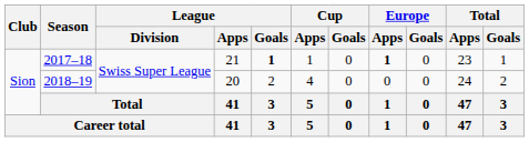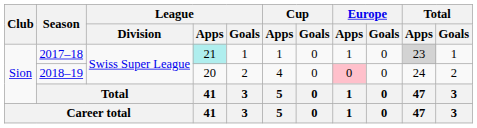 <table class="wikitable" style="text-align:center">
 <tr>
 <th rowspan="2">Club</th>
 <th rowspan="2">Season</th>
 <th colspan="3">League</th>
 <th colspan="2">Cup</th>
 <th colspan="2"><a href='#'>Europe</a></th>
 <th colspan="2">Total</th>
 </tr>
 <tr>
 <th>Division</th>
 <th>Apps</th>
 <th>Goals</th>
 <th>Apps</th>
 <th>Goals</th>
 <th>Apps</th>
 <th>Goals</th>
 <th>Apps</th>
 <th>Goals</th>
 </tr>
 <tr>
 <td rowspan="3"><a href='#'>Sion</a></td>
 <td><a href='#'>2017–18</a></td>
 <td rowspan="2"><a href='#'>Swiss Super League</a></td>
-<td>21</td>
-<td><strong>1</strong></td>
+<td style="background: paleturquoise;">21</td>
+<td>1</td>
 <td>1</td>
 <td>0</td>
-<td><strong>1</strong></td>
+<td>1</td>
 <td>0</td>
-<td>23</td>
+<td style="background: lightgrey;">23</td>
 <td>1</td>
 </tr>
 <tr>
 <td><a href='#'>2018–19</a></td>
 <td>20</td>
 <td>2</td>
 <td>4</td>
 <td>0</td>
-<td>0</td>
+<td style="background: pink;">0</td>
 <td>0</td>
 <td>24</td>
 <td>2</td>
 </tr>
 <tr>
 <th colspan="2">Total</th>
 <th>41</th>
 <th>3</th>
 <th>5</th>
 <th>0</th>
 <th>1</th>
 <th>0</th>
 <th>47</th>
 <th>3</th>
 </tr>
 <tr>
 <th colspan="3">Career total</th>
 <th>41</th>
 <th>3</th>
 <th>5</th>
 <th>0</th>
 <th>1</th>
 <th>0</th>
 <th>47</th>
 <th>3</th>
 </tr>
 </table>
